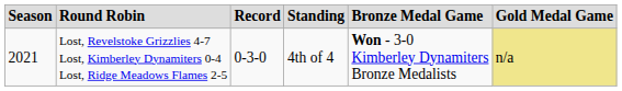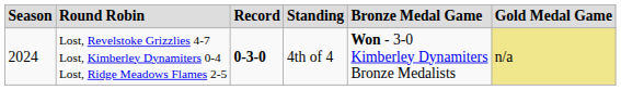 <table class="wikitable">
 <tr style="font-weight:bold; background-color:#dddddd;">
 <td>Season</td>
 <td>Round Robin</td>
 <td>Record</td>
 <td>Standing</td>
 <td>Bronze Medal Game</td>
 <td>Gold Medal Game</td>
 </tr>
 <tr>
-<td>2021</td>
+<td>2024</td>
 <td><small> Lost, <a href='#'>Revelstoke Grizzlies</a> 4-7<br>Lost, <a href='#'>Kimberley Dynamiters</a> 0-4<br>Lost, <a href='#'>Ridge Meadows Flames</a> 2-5</small></td>
-<td>0-3-0</td>
+<td><strong>0-3-0</strong></td>
 <td>4th of 4</td>
 <td><strong>Won</strong> -  3-0<br> <a href='#'>Kimberley Dynamiters</a><br>Bronze Medalists</td>
 <td style="background: khaki;">n/a</td>
 </tr>
 </table>
